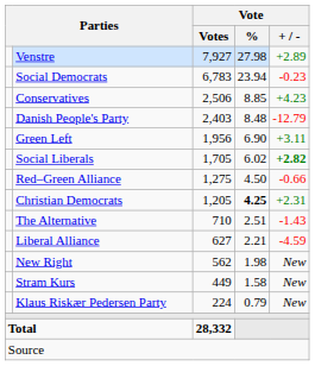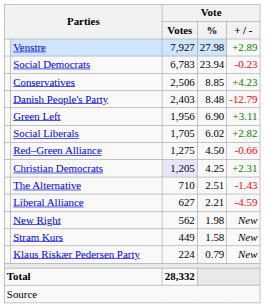 <table class="wikitable" style="text-align:right;">
 <tr>
 <th style="text-align:centre;" rowspan="2" colspan="2" width="225">Parties</th>
 <th colspan="3">Vote</th>
 </tr>
 <tr>
 <th width="15">Votes</th>
 <th width="15">%</th>
 <th width="15">+ / -</th>
 </tr>
 <tr>
 <td width="2" style="color:inherit;background:"></td>
 <td bgcolor=#cfe5fe  align="left"><a href='#'>Venstre</a></td>
 <td bgcolor=#cfe5fe>7,927</td>
 <td bgcolor=#cfe5fe>27.98</td>
 <td style=color:green;>+2.89</td>
 </tr>
 <tr>
 <td width="2" style="color:inherit;background:"></td>
 <td align="left"><a href='#'>Social Democrats</a></td>
 <td>6,783</td>
 <td>23.94</td>
 <td style=color:red;>-0.23</td>
 </tr>
 <tr>
 <td width="2" style="color:inherit;background:"></td>
 <td align="left"><a href='#'>Conservatives</a></td>
 <td>2,506</td>
 <td>8.85</td>
 <td style=color:green;>+4.23</td>
 </tr>
 <tr>
 <td width="2" style="color:inherit;background:"></td>
 <td align="left"><a href='#'>Danish People's Party</a></td>
 <td>2,403</td>
 <td>8.48</td>
 <td style=color:red;>-12.79</td>
 </tr>
 <tr>
 <td width="2" style="color:inherit;background:"></td>
 <td align="left"><a href='#'>Green Left</a></td>
 <td>1,956</td>
 <td>6.90</td>
 <td style=color:green;>+3.11</td>
 </tr>
 <tr>
 <td width="2" style="color:inherit;background:"></td>
 <td align="left"><a href='#'>Social Liberals</a></td>
 <td>1,705</td>
 <td>6.02</td>
-<td style=color:green;><strong>+2.82</strong></td>
+<td style=color:green;>+2.82</td>
 </tr>
 <tr>
 <td width="2" style="color:inherit;background:"></td>
 <td align="left"><a href='#'>Red–Green Alliance</a></td>
 <td>1,275</td>
 <td>4.50</td>
 <td style=color:red;>-0.66</td>
 </tr>
 <tr>
 <td width="2" style="color:inherit;background:"></td>
 <td align="left"><a href='#'>Christian Democrats</a></td>
-<td>1,205</td>
-<td><strong>4.25</strong></td>
+<td style="background: lavender;">1,205</td>
+<td>4.25</td>
 <td style=color:green;>+2.31</td>
 </tr>
 <tr>
 <td width="2" style="color:inherit;background:"></td>
 <td align="left"><a href='#'>The Alternative</a></td>
 <td>710</td>
 <td>2.51</td>
 <td style=color:red;>-1.43</td>
 </tr>
 <tr>
 <td width="2" style="color:inherit;background:"></td>
 <td align="left"><a href='#'>Liberal Alliance</a></td>
 <td>627</td>
 <td>2.21</td>
 <td style=color:red;>-4.59</td>
 </tr>
 <tr>
 <td width="2" style="color:inherit;background:"></td>
 <td align="left"><a href='#'>New Right</a></td>
 <td>562</td>
 <td>1.98</td>
 <td><em>New</em></td>
 </tr>
 <tr>
 <td width="2" style="color:inherit;background:"></td>
 <td align="left"><a href='#'>Stram Kurs</a></td>
 <td>449</td>
 <td>1.58</td>
 <td><em>New</em></td>
 </tr>
 <tr>
 <td width="2" style="color:inherit;background:"></td>
 <td align="left"><a href='#'>Klaus Riskær Pedersen Party</a></td>
 <td>224</td>
 <td>0.79</td>
 <td><em>New</em></td>
 </tr>
 <tr>
 <td colspan="7" bgcolor="#E9E9E9"></td>
 </tr>
 <tr>
 <td align="left" colspan="2"><strong>Total</strong></td>
 <td><strong>28,332</strong></td>
 <td bgcolor="#E9E9E9" colspan="2"></td>
 </tr>
 <tr>
 <td align="left" colspan="6">Source</td>
 </tr>
 </table>
